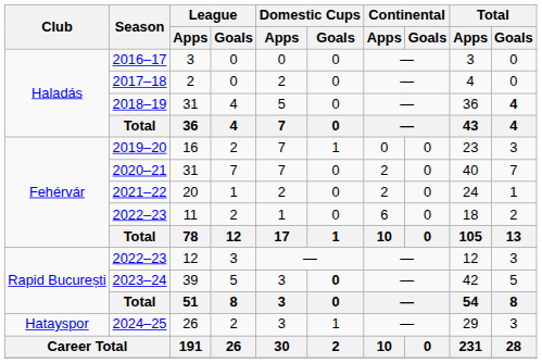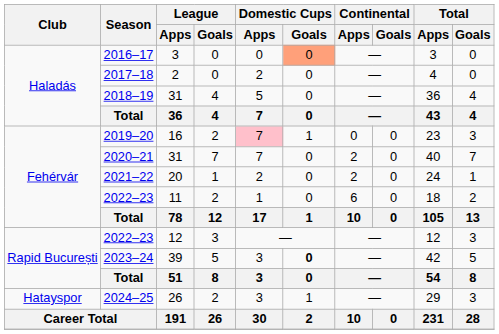 <table class="wikitable" style="text-align:center">
 <tr>
 <th rowspan="2">Club</th>
 <th rowspan="2">Season</th>
 <th colspan="2">League</th>
 <th colspan="2">Domestic Cups</th>
 <th colspan="2">Continental</th>
 <th colspan="2">Total</th>
 </tr>
 <tr>
 <th>Apps</th>
 <th>Goals</th>
 <th>Apps</th>
 <th>Goals</th>
 <th>Apps</th>
 <th>Goals</th>
 <th>Apps</th>
 <th>Goals</th>
 </tr>
 <tr>
 <td rowspan="4"><a href='#'>Haladás</a></td>
 <td><a href='#'>2016–17</a></td>
 <td>3</td>
 <td>0</td>
 <td>0</td>
-<td>0</td>
+<td style="background: lightsalmon;">0</td>
 <td colspan="2">—</td>
 <td>3</td>
 <td>0</td>
 </tr>
 <tr>
 <td><a href='#'>2017–18</a></td>
 <td>2</td>
 <td>0</td>
 <td>2</td>
 <td>0</td>
 <td colspan="2">—</td>
 <td>4</td>
 <td>0</td>
 </tr>
 <tr>
 <td><a href='#'>2018–19</a></td>
 <td>31</td>
 <td>4</td>
 <td>5</td>
 <td>0</td>
 <td colspan="2">—</td>
 <td>36</td>
-<td><strong>4</strong></td>
+<td>4</td>
 </tr>
 <tr>
 <th>Total</th>
 <th>36</th>
 <th>4</th>
 <th>7</th>
 <th>0</th>
 <th colspan="2">—</th>
 <th>43</th>
 <th>4</th>
 </tr>
 <tr>
 <td rowspan="5"><a href='#'>Fehérvár</a></td>
 <td><a href='#'>2019–20</a></td>
 <td>16</td>
 <td>2</td>
-<td>7</td>
+<td style="background: pink;">7</td>
 <td>1</td>
 <td>0</td>
 <td>0</td>
 <td>23</td>
 <td>3</td>
 </tr>
 <tr>
 <td><a href='#'>2020–21</a></td>
 <td>31</td>
 <td>7</td>
 <td>7</td>
 <td>0</td>
 <td>2</td>
 <td>0</td>
 <td>40</td>
 <td>7</td>
 </tr>
 <tr>
 <td><a href='#'>2021–22</a></td>
 <td>20</td>
 <td>1</td>
 <td>2</td>
 <td>0</td>
 <td>2</td>
 <td>0</td>
 <td>24</td>
 <td>1</td>
 </tr>
 <tr>
 <td><a href='#'>2022–23</a></td>
 <td>11</td>
 <td>2</td>
 <td>1</td>
 <td>0</td>
 <td>6</td>
 <td>0</td>
 <td>18</td>
 <td>2</td>
 </tr>
 <tr>
 <th>Total</th>
 <th>78</th>
 <th>12</th>
 <th>17</th>
 <th>1</th>
 <th>10</th>
 <th>0</th>
 <th>105</th>
 <th>13</th>
 </tr>
 <tr>
 <td rowspan="3"><a href='#'>Rapid București</a></td>
 <td><a href='#'>2022–23</a></td>
 <td>12</td>
 <td>3</td>
 <td colspan="2">—</td>
 <td colspan="2">—</td>
 <td>12</td>
 <td>3</td>
 </tr>
 <tr>
 <td><a href='#'>2023–24</a></td>
 <td>39</td>
 <td>5</td>
 <td>3</td>
 <td><strong>0</strong></td>
 <td colspan="2">—</td>
 <td>42</td>
 <td>5</td>
 </tr>
 <tr>
 <th>Total</th>
 <th>51</th>
 <th>8</th>
 <th>3</th>
 <th>0</th>
 <th colspan="2">—</th>
 <th>54</th>
 <th>8</th>
 </tr>
 <tr>
 <td rowspan="1"><a href='#'>Hatayspor</a></td>
 <td><a href='#'>2024–25</a></td>
 <td>26</td>
 <td>2</td>
 <td>3</td>
 <td>1</td>
 <td colspan="2">—</td>
 <td>29</td>
 <td>3</td>
 </tr>
 <tr>
 <th colspan="2">Career Total</th>
 <th>191</th>
 <th>26</th>
 <th>30</th>
 <th>2</th>
 <th>10</th>
 <th>0</th>
 <th>231</th>
 <th>28</th>
 </tr>
 <tr>
 </tr>
 </table>
